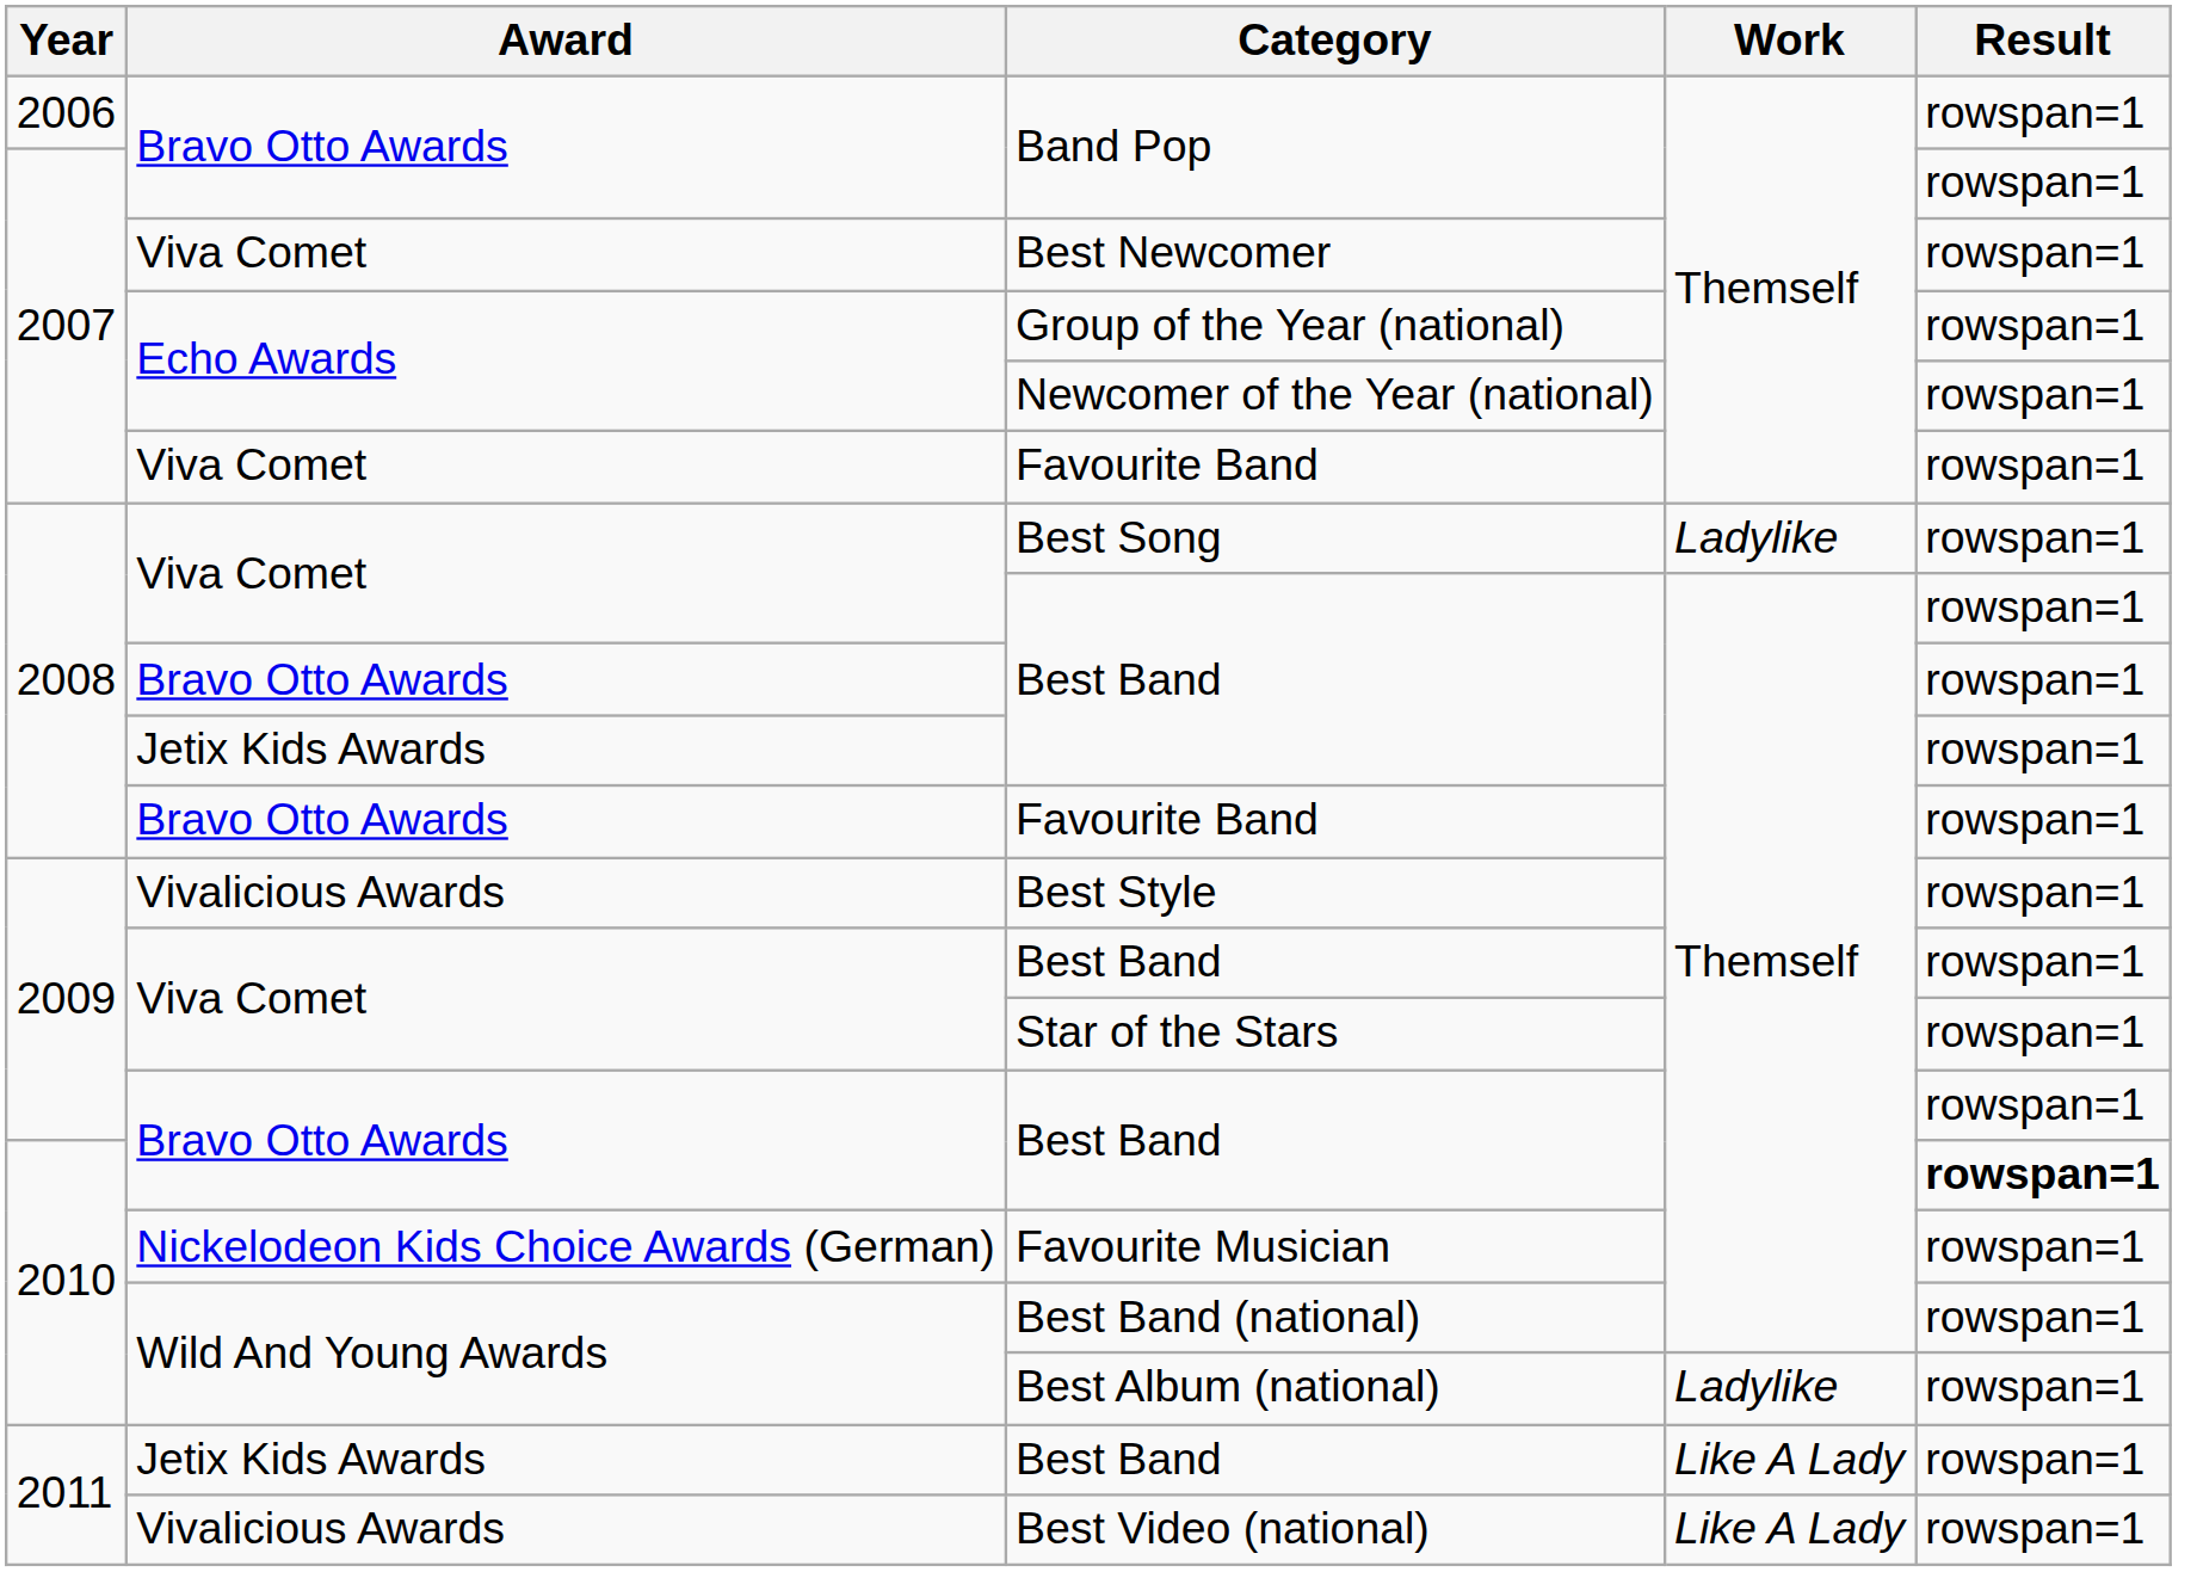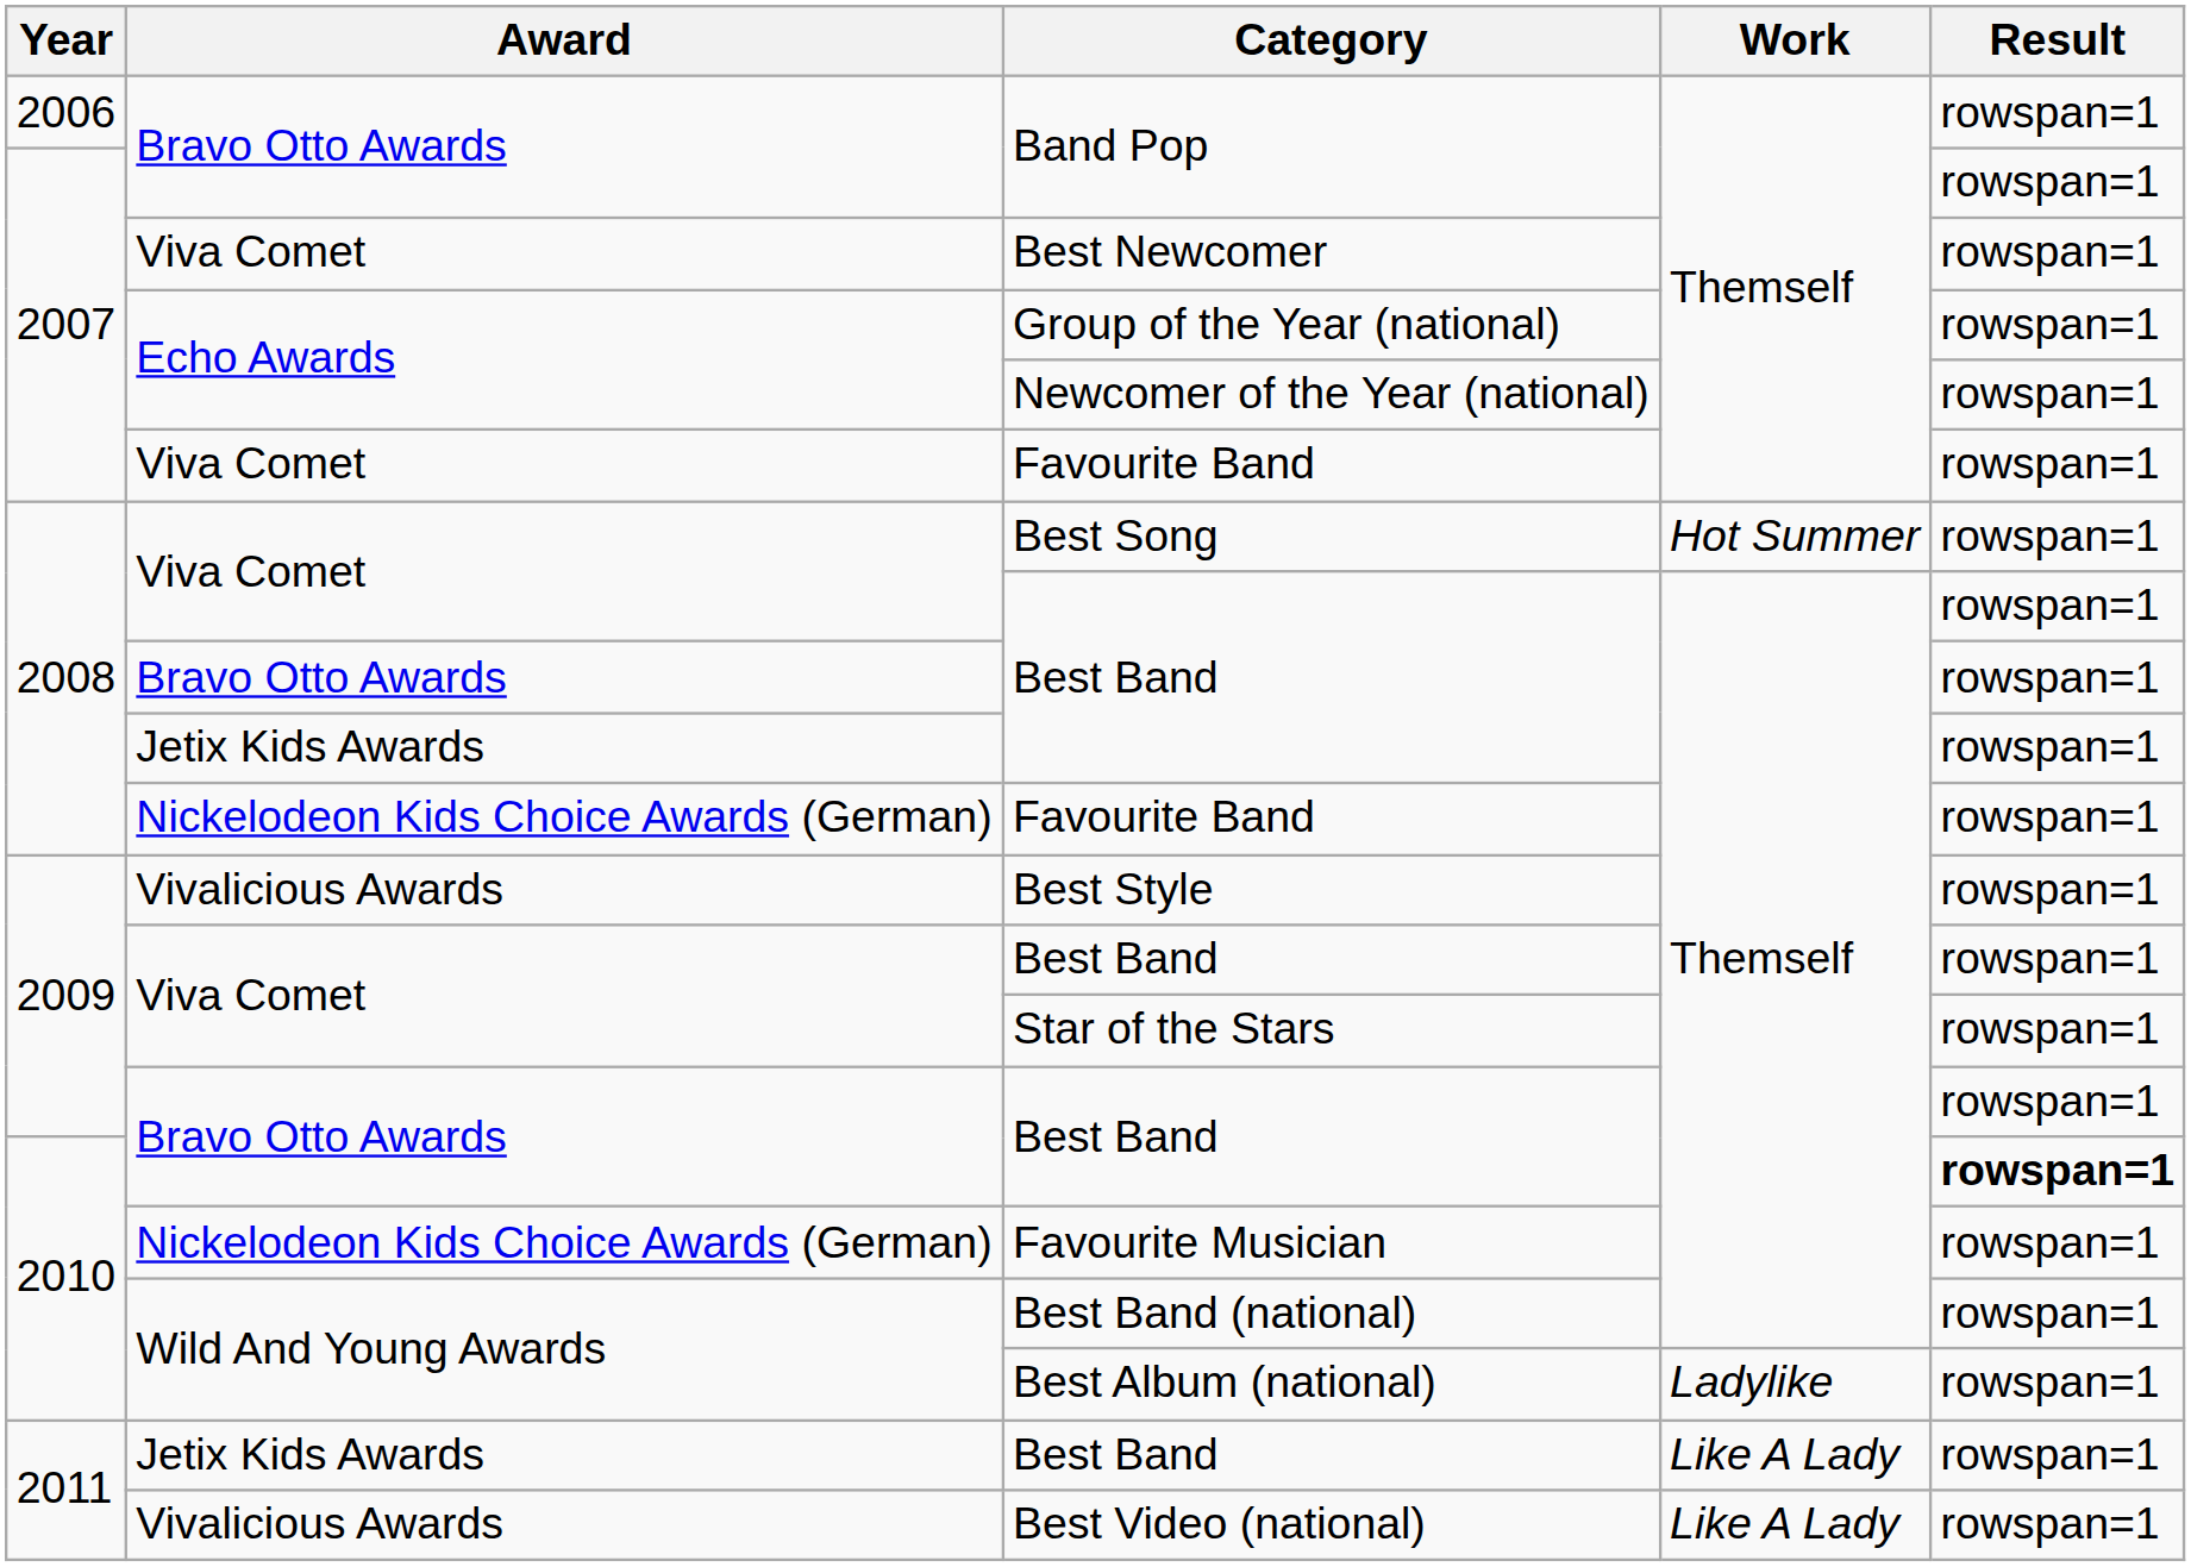 <table class="wikitable">
 <tr>
 <th>Year</th>
 <th>Award</th>
 <th>Category</th>
 <th>Work</th>
 <th>Result</th>
 </tr>
 <tr>
 <td>2006</td>
 <td rowspan="2"><a href='#'>Bravo Otto Awards</a></td>
 <td rowspan="2">Band Pop</td>
 <td rowspan="6">Themself</td>
 <td>rowspan=1 </td>
 </tr>
 <tr>
 <td rowspan="5">2007</td>
 <td>rowspan=1 </td>
 </tr>
 <tr>
 <td>Viva Comet</td>
 <td>Best Newcomer</td>
 <td>rowspan=1 </td>
 </tr>
 <tr>
 <td rowspan="2"><a href='#'>Echo Awards</a></td>
 <td>Group of the Year (national)</td>
 <td>rowspan=1 </td>
 </tr>
 <tr>
 <td>Newcomer of the Year (national)</td>
 <td>rowspan=1 </td>
 </tr>
 <tr>
 <td>Viva Comet</td>
 <td>Favourite Band</td>
 <td>rowspan=1 </td>
 </tr>
 <tr>
 <td rowspan="5">2008</td>
 <td rowspan="2">Viva Comet</td>
 <td>Best Song</td>
-<td><em>Ladylike</em></td>
+<td><em>Hot Summer</em></td>
 <td>rowspan=1 </td>
 </tr>
 <tr>
 <td rowspan="3">Best Band</td>
 <td rowspan="11">Themself</td>
 <td>rowspan=1 </td>
 </tr>
 <tr>
 <td><a href='#'>Bravo Otto Awards</a></td>
 <td>rowspan=1 </td>
 </tr>
 <tr>
 <td>Jetix Kids Awards</td>
 <td>rowspan=1 </td>
 </tr>
 <tr>
-<td><a href='#'>Bravo Otto Awards</a></td>
+<td><a href='#'>Nickelodeon Kids Choice Awards</a> (German)</td>
 <td>Favourite Band</td>
 <td>rowspan=1 </td>
 </tr>
 <tr>
 <td rowspan="4">2009</td>
 <td>Vivalicious Awards</td>
 <td>Best Style</td>
 <td>rowspan=1 </td>
 </tr>
 <tr>
 <td rowspan="2">Viva Comet</td>
 <td>Best Band</td>
 <td>rowspan=1 </td>
 </tr>
 <tr>
 <td>Star of the Stars</td>
 <td>rowspan=1 </td>
 </tr>
 <tr>
 <td rowspan="2"><a href='#'>Bravo Otto Awards</a></td>
 <td rowspan="2">Best Band</td>
 <td>rowspan=1 </td>
 </tr>
 <tr>
 <td rowspan="4">2010</td>
 <td><strong>rowspan=1 </strong></td>
 </tr>
 <tr>
 <td><a href='#'>Nickelodeon Kids Choice Awards</a> (German)</td>
 <td>Favourite Musician</td>
 <td>rowspan=1 </td>
 </tr>
 <tr>
 <td rowspan="2">Wild And Young Awards</td>
 <td>Best Band (national)</td>
 <td>rowspan=1 </td>
 </tr>
 <tr>
 <td>Best Album (national)</td>
 <td><em>Ladylike</em></td>
 <td>rowspan=1 </td>
 </tr>
 <tr>
 <td rowspan="2">2011</td>
 <td>Jetix Kids Awards</td>
 <td>Best Band</td>
 <td><em>Like A Lady</em></td>
 <td>rowspan=1 </td>
 </tr>
 <tr>
 <td>Vivalicious Awards</td>
 <td>Best Video (national)</td>
 <td><em>Like A Lady</em></td>
 <td>rowspan=1 </td>
 </tr>
 </table>
